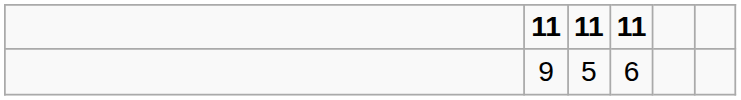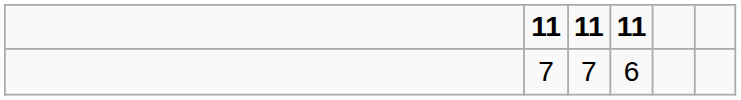 <table class="wikitable">
 <tr>
 <td style="width:18em"></td>
 <td align=center style="width:1em"><strong>11</strong></td>
 <td align=center style="width:1em"><strong>11</strong></td>
 <td align=center style="width:1em"><strong>11</strong></td>
 <td align=center style="width:1em"></td>
 <td align=center style="width:1em"></td>
 </tr>
 <tr>
 <td style="width:18em"></td>
-<td align=center style="width:1em">9</td>
-<td align=center style="width:1em">5</td>
+<td align=center style="width:1em">7</td>
+<td align=center style="width:1em">7</td>
 <td align=center style="width:1em">6</td>
 <td align=center style="width:1em"></td>
 <td align=center style="width:1em"></td>
 </tr>
 </table>
